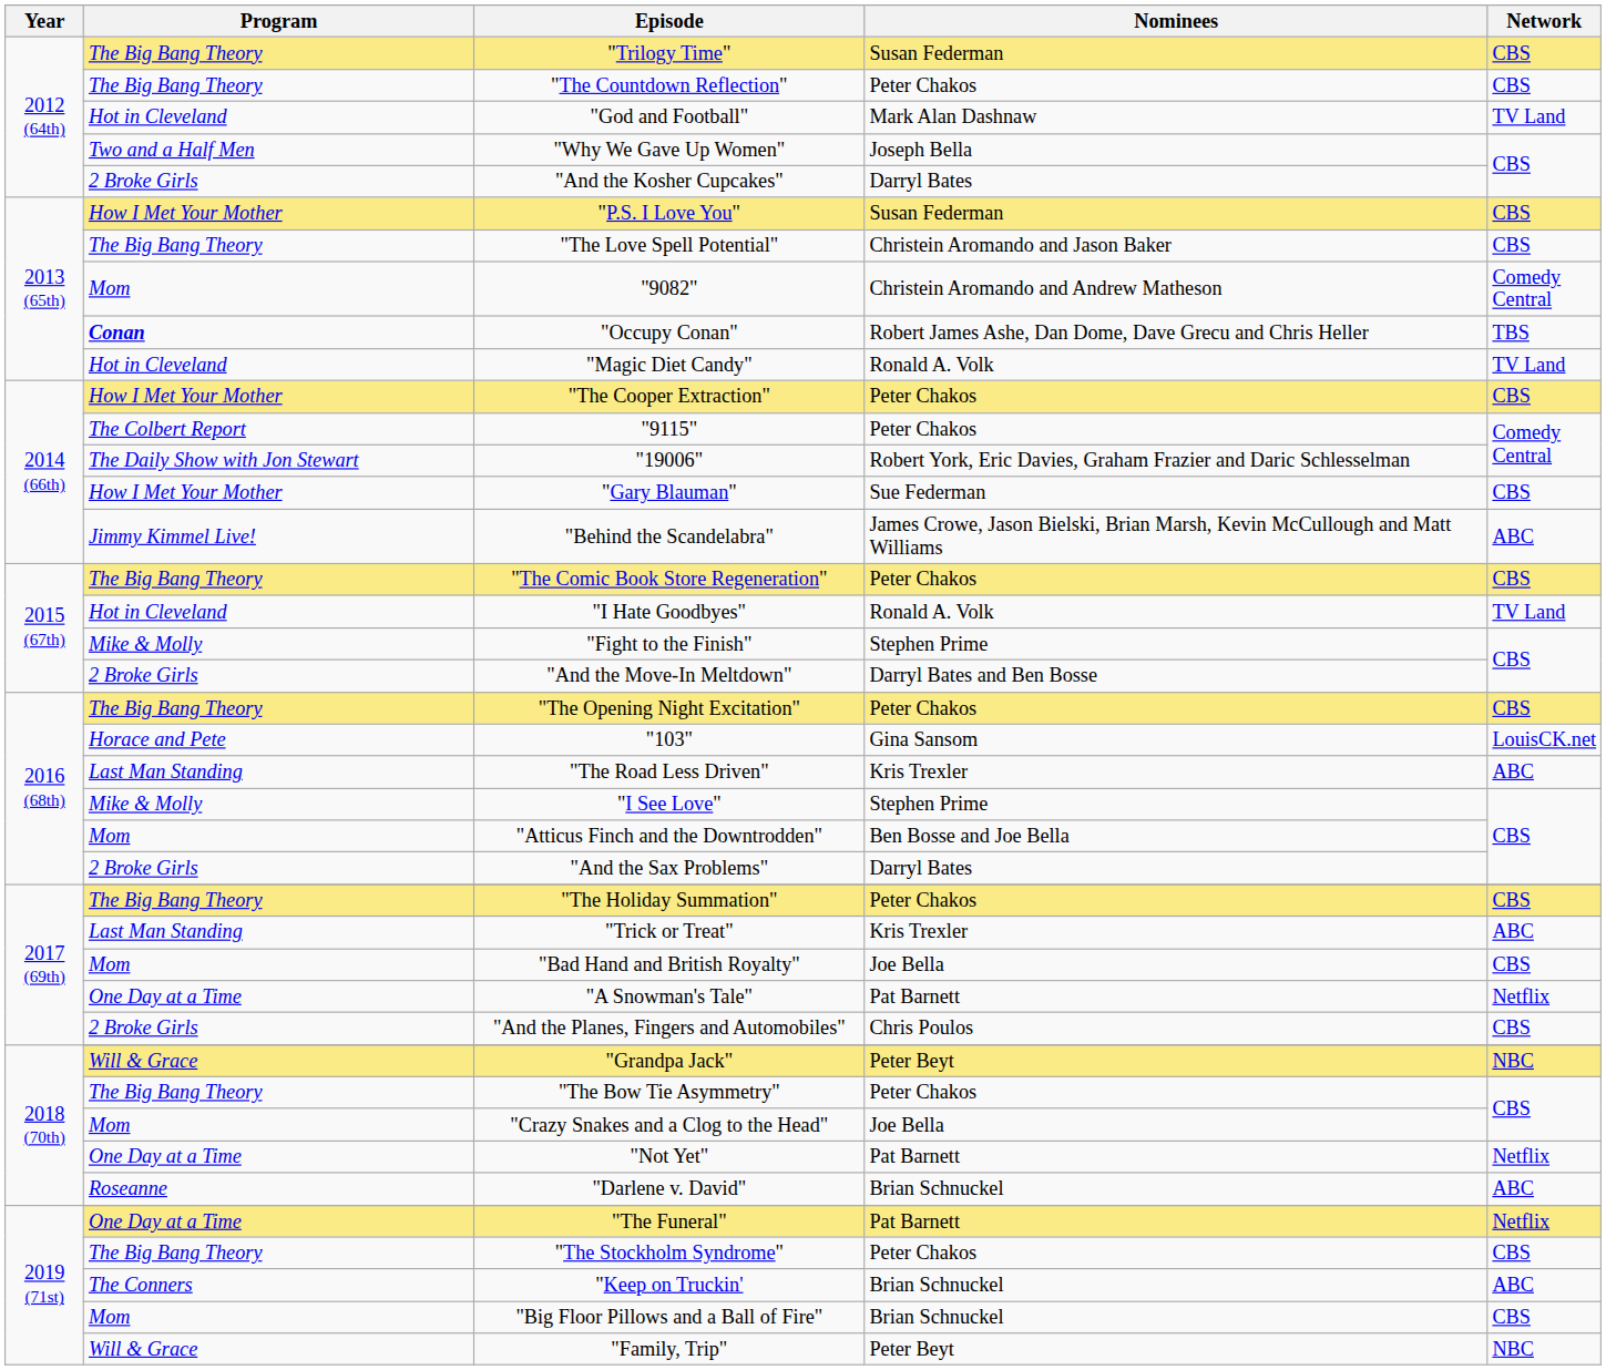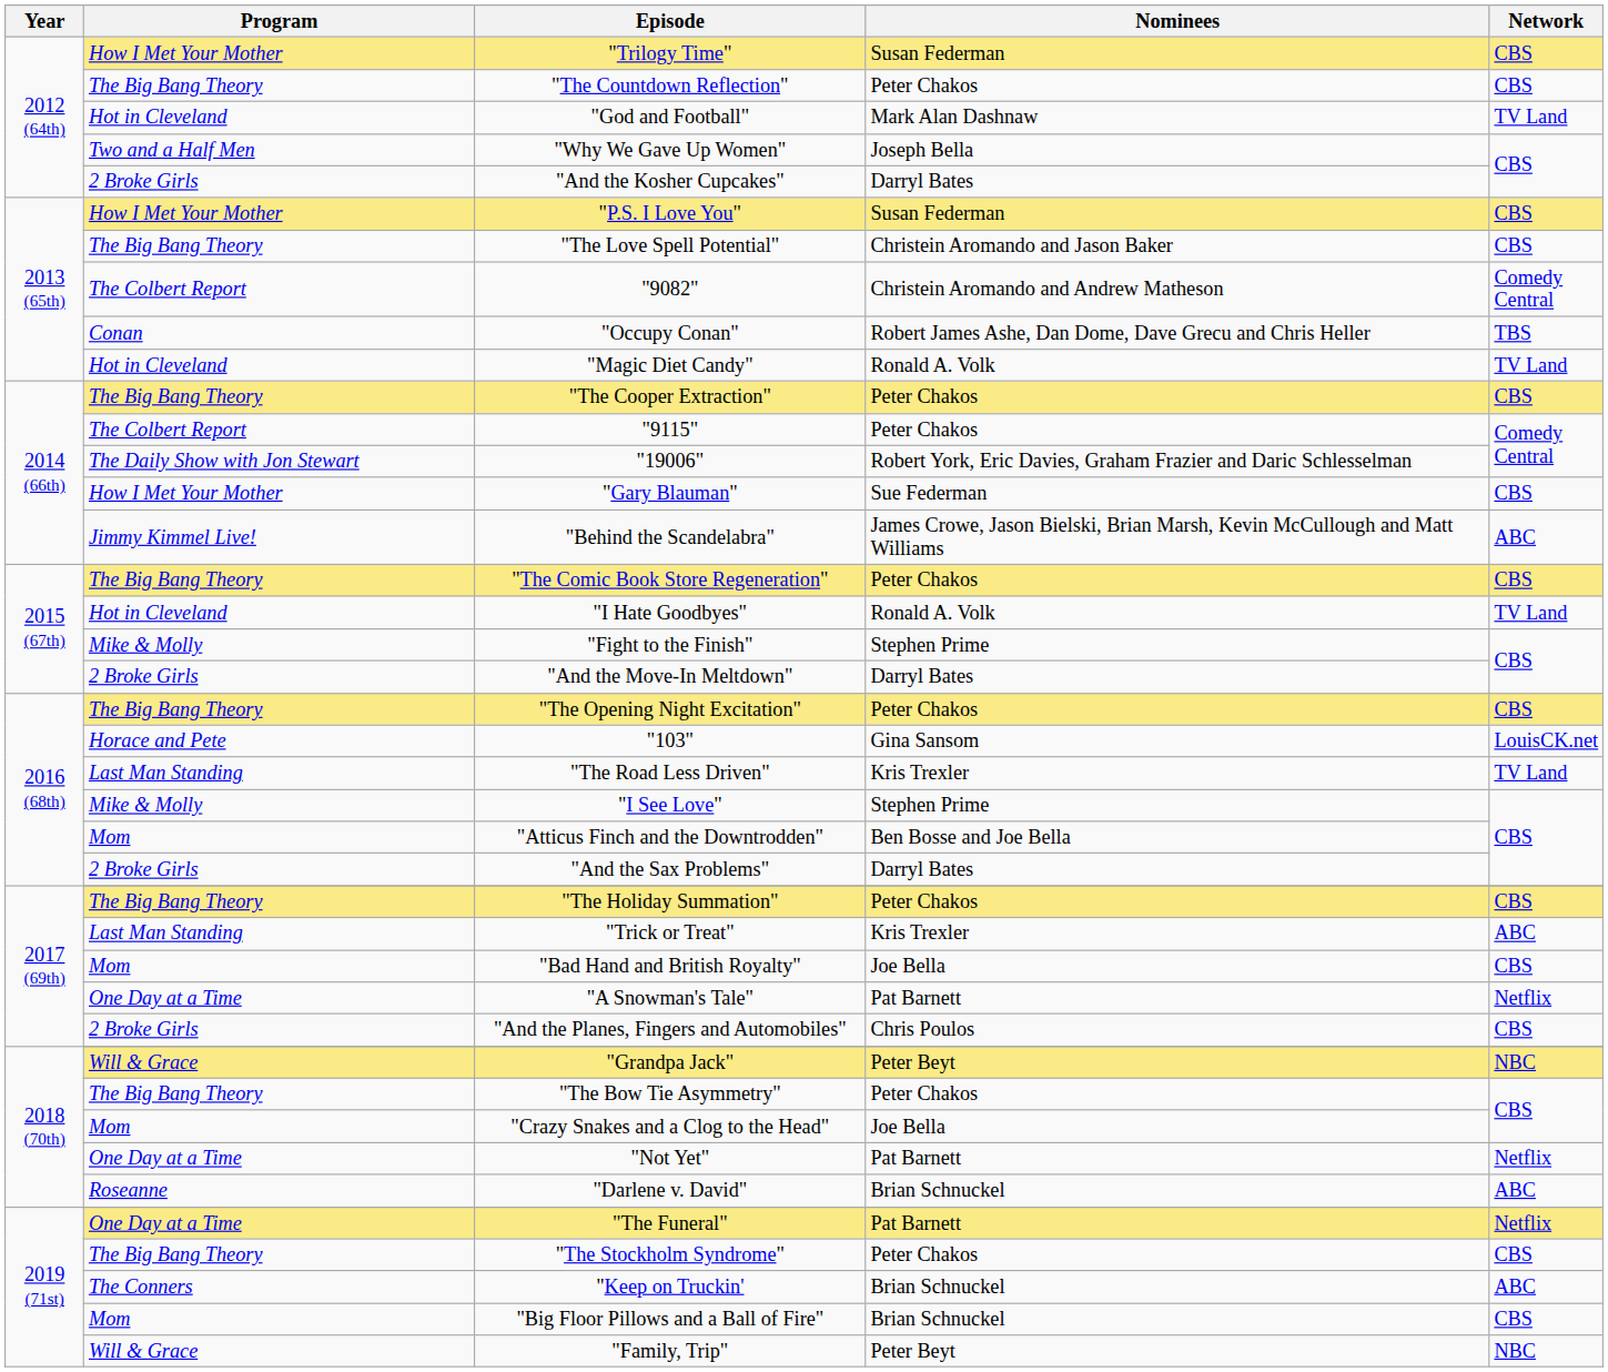 <table class="wikitable" style="width:100%">
 <tr style="background:#bebebe;">
 <th style="width:5%;">Year</th>
 <th style="width:25%;">Program</th>
 <th style="width:25%;">Episode</th>
 <th style="width:40%;">Nominees</th>
 <th style="width:5%;">Network</th>
 </tr>
 <tr>
 <td rowspan=5 style="text-align:center;"><a href='#'>2012</a><br><small><a href='#'>(64th)</a></small><br></td>
-<td style="background:#FAEB86;"><em><a href='#'>The Big Bang Theory</a></em></td>
+<td style="background:#FAEB86;"><em><a href='#'>How I Met Your Mother</a></em></td>
 <td style="background:#FAEB86;" align=center>"<a href='#'>Trilogy Time</a>"</td>
 <td style="background:#FAEB86;">Susan Federman</td>
 <td style="background:#FAEB86;"><a href='#'>CBS</a></td>
 </tr>
 <tr>
 <td><em><a href='#'>The Big Bang Theory</a></em></td>
 <td align=center>"<a href='#'>The Countdown Reflection</a>"</td>
 <td>Peter Chakos</td>
 <td><a href='#'>CBS</a></td>
 </tr>
 <tr>
 <td><em><a href='#'>Hot in Cleveland</a></em></td>
 <td align=center>"God and Football"</td>
 <td>Mark Alan Dashnaw</td>
 <td><a href='#'>TV Land</a></td>
 </tr>
 <tr>
 <td><em><a href='#'>Two and a Half Men</a></em></td>
 <td align=center>"Why We Gave Up Women"</td>
 <td>Joseph Bella</td>
 <td rowspan=2><a href='#'>CBS</a></td>
 </tr>
 <tr>
 <td><em><a href='#'>2 Broke Girls</a></em></td>
 <td align=center>"And the Kosher Cupcakes"</td>
 <td>Darryl Bates</td>
 </tr>
 <tr>
 <td rowspan=5 style="text-align:center;"><a href='#'>2013</a><br><small><a href='#'>(65th)</a></small><br></td>
 <td style="background:#FAEB86;"><em><a href='#'>How I Met Your Mother</a></em></td>
 <td style="background:#FAEB86;" align=center>"<a href='#'>P.S. I Love You</a>"</td>
 <td style="background:#FAEB86;">Susan Federman</td>
 <td style="background:#FAEB86;"><a href='#'>CBS</a></td>
 </tr>
 <tr>
 <td><em><a href='#'>The Big Bang Theory</a></em></td>
 <td align=center>"The Love Spell Potential"</td>
 <td>Christein Aromando and Jason Baker</td>
 <td><a href='#'>CBS</a></td>
 </tr>
 <tr>
-<td><em><a href='#'>Mom</a></em></td>
+<td><em><a href='#'>The Colbert Report</a></em></td>
 <td align=center>"9082"</td>
 <td>Christein Aromando and Andrew Matheson</td>
 <td><a href='#'>Comedy Central</a></td>
 </tr>
 <tr>
-<td><strong><em><a href='#'>Conan</a></em></strong></td>
+<td><em><a href='#'>Conan</a></em></td>
 <td align=center>"Occupy Conan"</td>
 <td>Robert James Ashe, Dan Dome, Dave Grecu and Chris Heller</td>
 <td><a href='#'>TBS</a></td>
 </tr>
 <tr>
 <td><em><a href='#'>Hot in Cleveland</a></em></td>
 <td align=center>"Magic Diet Candy"</td>
 <td>Ronald A. Volk</td>
 <td><a href='#'>TV Land</a></td>
 </tr>
 <tr>
 <td rowspan=5 style="text-align:center;"><a href='#'>2014</a><br><small><a href='#'>(66th)</a></small><br></td>
-<td style="background:#FAEB86;"><em><a href='#'>How I Met Your Mother</a></em></td>
+<td style="background:#FAEB86;"><em><a href='#'>The Big Bang Theory</a></em></td>
 <td style="background:#FAEB86;" align=center>"The Cooper Extraction"</td>
 <td style="background:#FAEB86;">Peter Chakos</td>
 <td style="background:#FAEB86;"><a href='#'>CBS</a></td>
 </tr>
 <tr>
 <td><em><a href='#'>The Colbert Report</a></em></td>
 <td align=center>"9115"</td>
 <td>Peter Chakos</td>
 <td rowspan=2><a href='#'>Comedy Central</a></td>
 </tr>
 <tr>
 <td><em><a href='#'>The Daily Show with Jon Stewart</a></em></td>
 <td align=center>"19006"</td>
 <td>Robert York, Eric Davies, Graham Frazier and Daric Schlesselman</td>
 </tr>
 <tr>
 <td><em><a href='#'>How I Met Your Mother</a></em></td>
 <td align=center>"<a href='#'>Gary Blauman</a>"</td>
 <td>Sue Federman</td>
 <td><a href='#'>CBS</a></td>
 </tr>
 <tr>
 <td><em><a href='#'>Jimmy Kimmel Live!</a></em></td>
 <td align=center>"Behind the Scandelabra"</td>
 <td>James Crowe, Jason Bielski, Brian Marsh, Kevin McCullough and Matt Williams</td>
 <td><a href='#'>ABC</a></td>
 </tr>
 <tr>
 <td rowspan=4 style="text-align:center;"><a href='#'>2015</a><br><small><a href='#'>(67th)</a></small><br></td>
 <td style="background:#FAEB86;"><em><a href='#'>The Big Bang Theory</a></em></td>
 <td style="background:#FAEB86;" align=center>"<a href='#'>The Comic Book Store Regeneration</a>"</td>
 <td style="background:#FAEB86;">Peter Chakos</td>
 <td style="background:#FAEB86;"><a href='#'>CBS</a></td>
 </tr>
 <tr>
 <td><em><a href='#'>Hot in Cleveland</a></em></td>
 <td align=center>"I Hate Goodbyes"</td>
 <td>Ronald A. Volk</td>
 <td><a href='#'>TV Land</a></td>
 </tr>
 <tr>
 <td><em><a href='#'>Mike & Molly</a></em></td>
 <td align=center>"Fight to the Finish"</td>
 <td>Stephen Prime</td>
 <td rowspan=2><a href='#'>CBS</a></td>
 </tr>
 <tr>
 <td><em><a href='#'>2 Broke Girls</a></em></td>
 <td align=center>"And the Move-In Meltdown"</td>
-<td>Darryl Bates and Ben Bosse</td>
+<td>Darryl Bates</td>
 </tr>
 <tr>
 <td rowspan=6 style="text-align:center;"><a href='#'>2016</a><br><small><a href='#'>(68th)</a></small><br></td>
 <td style="background:#FAEB86;"><em><a href='#'>The Big Bang Theory</a></em></td>
 <td style="background:#FAEB86;" align=center>"The Opening Night Excitation"</td>
 <td style="background:#FAEB86;">Peter Chakos</td>
 <td style="background:#FAEB86;"><a href='#'>CBS</a></td>
 </tr>
 <tr>
 <td><em><a href='#'>Horace and Pete</a></em></td>
 <td align=center>"103"</td>
 <td>Gina Sansom</td>
 <td><a href='#'>LouisCK.net</a></td>
 </tr>
 <tr>
 <td><em><a href='#'>Last Man Standing</a></em></td>
 <td align=center>"The Road Less Driven"</td>
 <td>Kris Trexler</td>
-<td><a href='#'>ABC</a></td>
+<td><a href='#'>TV Land</a></td>
 </tr>
 <tr>
 <td><em><a href='#'>Mike & Molly</a></em></td>
 <td align=center>"<a href='#'>I See Love</a>"</td>
 <td>Stephen Prime</td>
 <td rowspan=3><a href='#'>CBS</a></td>
 </tr>
 <tr>
 <td><em><a href='#'>Mom</a></em></td>
 <td align=center>"Atticus Finch and the Downtrodden"</td>
 <td>Ben Bosse and Joe Bella</td>
 </tr>
 <tr>
 <td><em><a href='#'>2 Broke Girls</a></em></td>
 <td align=center>"And the Sax Problems"</td>
 <td>Darryl Bates</td>
 </tr>
 <tr>
 <td rowspan=6 style="text-align:center;"><a href='#'>2017</a><br><small><a href='#'>(69th)</a></small><br></td>
 </tr>
 <tr>
 <td style="background:#FAEB86;"><em><a href='#'>The Big Bang Theory</a></em></td>
 <td style="background:#FAEB86;" align=center>"The Holiday Summation"</td>
 <td style="background:#FAEB86;">Peter Chakos</td>
 <td style="background:#FAEB86;"><a href='#'>CBS</a></td>
 </tr>
 <tr>
 <td><em><a href='#'>Last Man Standing</a></em></td>
 <td align=center>"Trick or Treat"</td>
 <td>Kris Trexler</td>
 <td><a href='#'>ABC</a></td>
 </tr>
 <tr>
 <td><em><a href='#'>Mom</a></em></td>
 <td align=center>"Bad Hand and British Royalty"</td>
 <td>Joe Bella</td>
 <td><a href='#'>CBS</a></td>
 </tr>
 <tr>
 <td><em><a href='#'>One Day at a Time</a></em></td>
 <td align=center>"A Snowman's Tale"</td>
 <td>Pat Barnett</td>
 <td><a href='#'>Netflix</a></td>
 </tr>
 <tr>
 <td><em><a href='#'>2 Broke Girls</a></em></td>
 <td align=center>"And the Planes, Fingers and Automobiles"</td>
 <td>Chris Poulos</td>
 <td><a href='#'>CBS</a></td>
 </tr>
 <tr>
 <td rowspan=6 style="text-align:center;"><a href='#'>2018</a><br><small><a href='#'>(70th)</a></small><br></td>
 </tr>
 <tr style="background:#FAEB86;">
 <td><em><a href='#'>Will & Grace</a></em></td>
 <td align=center>"Grandpa Jack"</td>
 <td>Peter Beyt</td>
 <td><a href='#'>NBC</a></td>
 </tr>
 <tr>
 <td><em><a href='#'>The Big Bang Theory</a></em></td>
 <td align=center>"The Bow Tie Asymmetry"</td>
 <td>Peter Chakos</td>
 <td rowspan="2"><a href='#'>CBS</a></td>
 </tr>
 <tr>
 <td><em><a href='#'>Mom</a></em></td>
 <td align=center>"Crazy Snakes and a Clog to the Head"</td>
 <td>Joe Bella</td>
 </tr>
 <tr>
 <td><em><a href='#'>One Day at a Time</a></em></td>
 <td align=center>"Not Yet"</td>
 <td>Pat Barnett</td>
 <td><a href='#'>Netflix</a></td>
 </tr>
 <tr>
 <td><em><a href='#'>Roseanne</a></em></td>
 <td align=center>"Darlene v. David"</td>
 <td>Brian Schnuckel</td>
 <td><a href='#'>ABC</a></td>
 </tr>
 <tr>
 <td rowspan=6 style="text-align:center;"><a href='#'>2019</a><br><small><a href='#'>(71st)</a></small><br></td>
 </tr>
 <tr style="background:#FAEB86;">
 <td><em><a href='#'>One Day at a Time</a></em></td>
 <td align=center>"The Funeral"</td>
 <td>Pat Barnett</td>
 <td><a href='#'>Netflix</a></td>
 </tr>
 <tr>
 <td><em><a href='#'>The Big Bang Theory</a></em></td>
 <td align=center>"<a href='#'>The Stockholm Syndrome</a>"</td>
 <td>Peter Chakos</td>
 <td><a href='#'>CBS</a></td>
 </tr>
 <tr>
 <td><em><a href='#'>The Conners</a></em></td>
 <td align=center>"<a href='#'>Keep on Truckin'</a></td>
 <td>Brian Schnuckel</td>
 <td><a href='#'>ABC</a></td>
 </tr>
 <tr>
 <td><em><a href='#'>Mom</a></em></td>
 <td align=center>"Big Floor Pillows and a Ball of Fire"</td>
 <td>Brian Schnuckel</td>
 <td><a href='#'>CBS</a></td>
 </tr>
 <tr>
 <td><em><a href='#'>Will & Grace</a></em></td>
 <td align=center>"Family, Trip"</td>
 <td>Peter Beyt</td>
 <td><a href='#'>NBC</a></td>
 </tr>
 </table>
